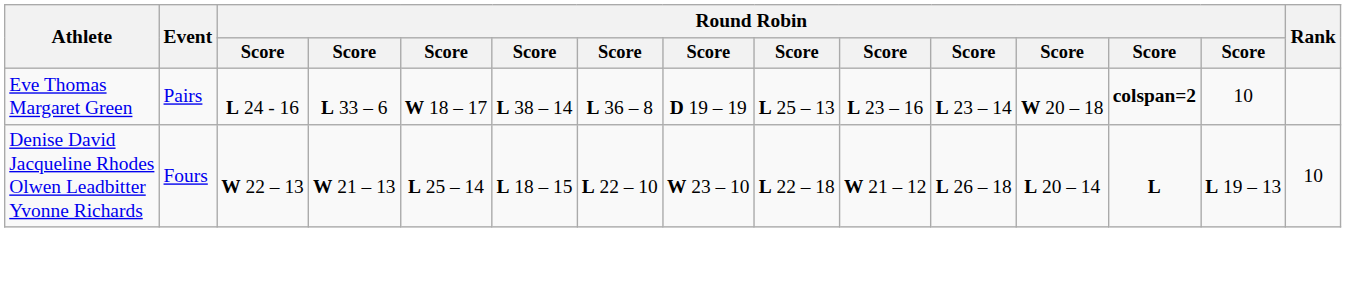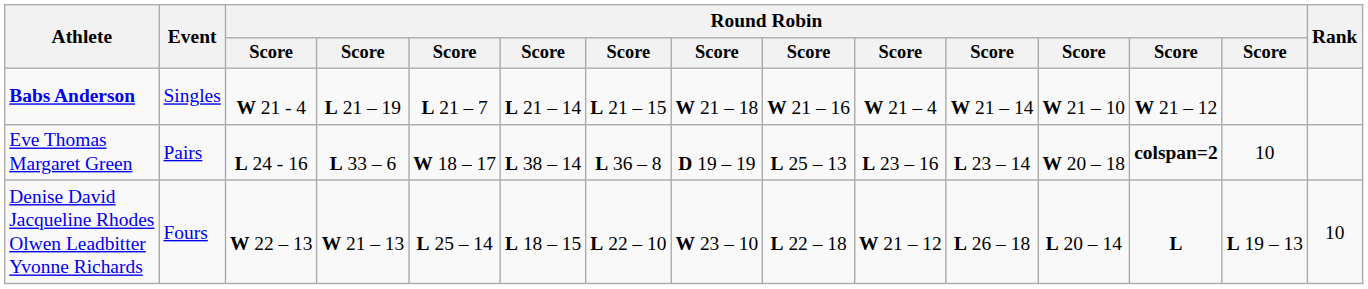 <table class="wikitable" style="font-size:88%; text-align:center">
 <tr>
 <th rowspan=2>Athlete</th>
 <th rowspan=2>Event</th>
 <th colspan=12>Round Robin</th>
 <th rowspan=2>Rank</th>
 </tr>
 <tr style="font-size:95%">
 <th>Score</th>
 <th>Score</th>
 <th>Score</th>
 <th>Score</th>
 <th>Score</th>
 <th>Score</th>
 <th>Score</th>
 <th>Score</th>
 <th>Score</th>
 <th>Score</th>
 <th>Score</th>
 <th>Score</th>
+</tr>
+<tr>
+<td align=left><strong><a href='#'>Babs Anderson</a></strong></td>
+<td align=left><a href='#'>Singles</a></td>
+<td><br><strong>W</strong> 21 - 4</td>
+<td><br><strong>L</strong> 21 – 19</td>
+<td><br><strong>L</strong> 21 – 7</td>
+<td><br><strong>L</strong> 21 – 14</td>
+<td><br><strong>L</strong> 21 – 15</td>
+<td><br><strong>W</strong> 21 – 18</td>
+<td><br><strong>W</strong> 21 – 16</td>
+<td><br><strong>W</strong> 21 – 4</td>
+<td><br><strong>W</strong> 21 – 14</td>
+<td><br><strong>W</strong> 21 – 10</td>
+<td><br><strong>W</strong> 21 – 12</td>
+<td></td>
+<td></td>
 </tr>
 <tr>
 <td align=left><a href='#'>Eve Thomas</a><br><a href='#'>Margaret Green</a></td>
 <td align=left><a href='#'>Pairs</a></td>
 <td><br><strong>L</strong> 24 - 16</td>
 <td><br><strong>L</strong> 33 – 6</td>
 <td><br><strong>W</strong> 18 – 17</td>
 <td><br><strong>L</strong> 38 – 14</td>
 <td><br><strong>L</strong> 36 – 8</td>
 <td><br><strong>D</strong> 19 – 19</td>
 <td><br><strong>L</strong> 25 – 13</td>
 <td><br><strong>L</strong> 23 – 16</td>
 <td><br><strong>L</strong> 23 – 14</td>
 <td><br><strong>W</strong> 20 – 18</td>
 <td><strong>colspan=2 </strong></td>
 <td>10</td>
 </tr>
 <tr align=centre>
 <td align=left><a href='#'>Denise David</a><br><a href='#'>Jacqueline Rhodes</a><br><a href='#'>Olwen Leadbitter</a><br><a href='#'>Yvonne Richards</a></td>
 <td align=left><a href='#'>Fours</a></td>
 <td><br><strong>W</strong> 22 – 13</td>
 <td><br><strong>W</strong> 21 – 13</td>
 <td><br><strong>L</strong> 25 – 14</td>
 <td><br><strong>L</strong> 18 – 15</td>
 <td><br><strong>L</strong> 22 – 10</td>
 <td><br><strong>W</strong> 23 – 10</td>
 <td><br><strong>L</strong> 22 – 18</td>
 <td><br><strong>W</strong> 21 – 12</td>
 <td><br><strong>L</strong> 26 – 18</td>
 <td><br><strong>L</strong> 20 – 14</td>
 <td><br><strong>L</strong></td>
 <td><br><strong>L</strong> 19 – 13</td>
 <td>10</td>
 </tr>
 </table>
